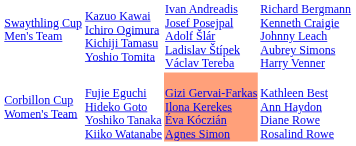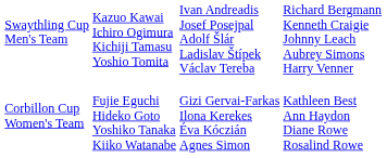 <table>
 <tr>
 <td><a href='#'>Swaythling Cup<br>Men's Team</a></td>
 <td><br><a href='#'>Kazuo Kawai</a><br><a href='#'>Ichiro Ogimura</a><br><a href='#'>Kichiji Tamasu</a><br><a href='#'>Yoshio Tomita</a></td>
 <td><br><a href='#'>Ivan Andreadis</a><br><a href='#'>Josef Posejpal</a><br><a href='#'>Adolf Šlár</a><br><a href='#'>Ladislav Štípek</a><br><a href='#'>Václav Tereba</a></td>
 <td><br><a href='#'>Richard Bergmann</a><br><a href='#'>Kenneth Craigie</a><br><a href='#'>Johnny Leach</a><br><a href='#'>Aubrey Simons</a><br><a href='#'>Harry Venner</a></td>
 </tr>
 <tr>
 <td><a href='#'>Corbillon Cup<br>Women's Team</a></td>
 <td><br><a href='#'>Fujie Eguchi</a><br><a href='#'>Hideko Goto</a><br><a href='#'>Yoshiko Tanaka</a><br><a href='#'>Kiiko Watanabe</a></td>
-<td style="background: lightsalmon;"><br><a href='#'>Gizi Gervai-Farkas</a><br><a href='#'>Ilona Kerekes</a><br><a href='#'>Éva Kóczián</a><br><a href='#'>Agnes Simon</a></td>
+<td><br><a href='#'>Gizi Gervai-Farkas</a><br><a href='#'>Ilona Kerekes</a><br><a href='#'>Éva Kóczián</a><br><a href='#'>Agnes Simon</a></td>
 <td><br><a href='#'>Kathleen Best</a><br><a href='#'>Ann Haydon</a><br><a href='#'>Diane Rowe</a><br><a href='#'>Rosalind Rowe</a></td>
 </tr>
 </table>
